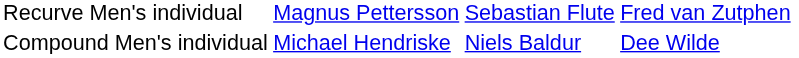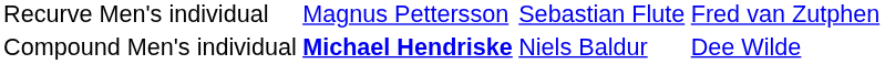 <table>
 <tr>
 <td>Recurve Men's individual<br></td>
 <td> <a href='#'>Magnus Pettersson</a></td>
 <td> <a href='#'>Sebastian Flute</a></td>
 <td> <a href='#'>Fred van Zutphen</a></td>
 </tr>
 <tr>
 <td>Compound Men's individual<br></td>
-<td> <a href='#'>Michael Hendriske</a></td>
+<td><strong> <a href='#'>Michael Hendriske</a></strong></td>
 <td> <a href='#'>Niels Baldur</a></td>
 <td> <a href='#'>Dee Wilde</a></td>
 </tr>
 </table>
